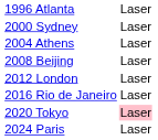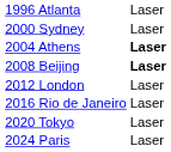 <table>
 <tr>
 <td><a href='#'>1996 Atlanta</a> <br> </td>
 <td>Laser</td>
 <td></td>
 <td></td>
 <td></td>
 </tr>
 <tr>
 <td><a href='#'>2000 Sydney</a> <br> </td>
 <td>Laser</td>
 <td></td>
 <td></td>
 <td></td>
 </tr>
 <tr>
 <td><a href='#'>2004 Athens</a> <br> </td>
-<td>Laser</td>
+<td><strong>Laser</strong></td>
 <td></td>
 <td></td>
 <td></td>
 </tr>
 <tr>
 <td><a href='#'>2008 Beijing</a> <br> </td>
-<td>Laser</td>
+<td><strong>Laser</strong></td>
 <td></td>
 <td></td>
 <td></td>
 </tr>
 <tr>
 <td><a href='#'>2012 London</a> <br> </td>
 <td>Laser</td>
 <td></td>
 <td></td>
 <td></td>
 </tr>
 <tr>
 <td><a href='#'>2016 Rio de Janeiro</a> <br> </td>
 <td>Laser</td>
 <td></td>
 <td></td>
 <td></td>
 </tr>
 <tr>
 <td><a href='#'>2020 Tokyo</a> <br> </td>
-<td style="background: pink;">Laser</td>
+<td>Laser</td>
 <td></td>
 <td></td>
 <td></td>
 </tr>
 <tr>
 <td><a href='#'>2024 Paris</a> <br> </td>
 <td>Laser</td>
 <td></td>
 <td></td>
 <td></td>
 </tr>
 </table>
